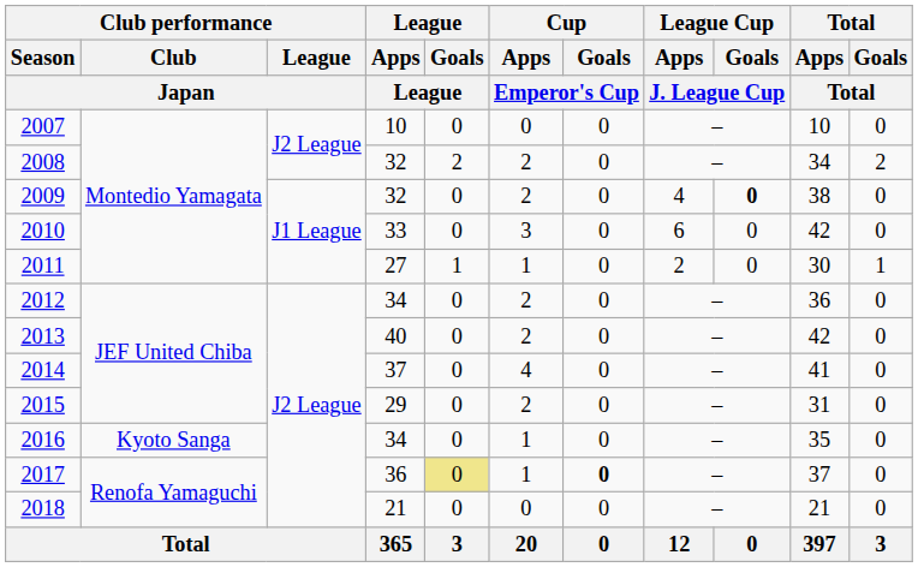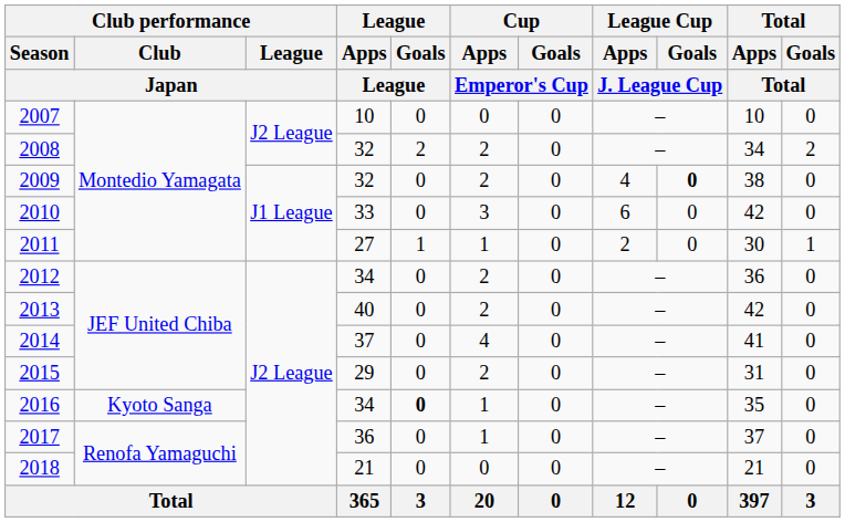 <table class="wikitable" style="text-align:center;">
 <tr>
 <th colspan=3>Club performance</th>
 <th colspan=2>League</th>
 <th colspan=2>Cup</th>
 <th colspan=2>League Cup</th>
 <th colspan=2>Total</th>
 </tr>
 <tr>
 <th>Season</th>
 <th>Club</th>
 <th>League</th>
 <th>Apps</th>
 <th>Goals</th>
 <th>Apps</th>
 <th>Goals</th>
 <th>Apps</th>
 <th>Goals</th>
 <th>Apps</th>
 <th>Goals</th>
 </tr>
 <tr>
 <th colspan=3>Japan</th>
 <th colspan=2>League</th>
 <th colspan=2><a href='#'>Emperor's Cup</a></th>
 <th colspan=2><a href='#'>J. League Cup</a></th>
 <th colspan=2>Total</th>
 </tr>
 <tr>
 <td><a href='#'>2007</a></td>
 <td rowspan="5"><a href='#'>Montedio Yamagata</a></td>
 <td rowspan="2"><a href='#'>J2 League</a></td>
 <td>10</td>
 <td>0</td>
 <td>0</td>
 <td>0</td>
 <td colspan="2">–</td>
 <td>10</td>
 <td>0</td>
 </tr>
 <tr>
 <td><a href='#'>2008</a></td>
 <td>32</td>
 <td>2</td>
 <td>2</td>
 <td>0</td>
 <td colspan="2">–</td>
 <td>34</td>
 <td>2</td>
 </tr>
 <tr>
 <td><a href='#'>2009</a></td>
 <td rowspan="3"><a href='#'>J1 League</a></td>
 <td>32</td>
 <td>0</td>
 <td>2</td>
 <td>0</td>
 <td>4</td>
 <td><strong>0</strong></td>
 <td>38</td>
 <td>0</td>
 </tr>
 <tr>
 <td><a href='#'>2010</a></td>
 <td>33</td>
 <td>0</td>
 <td>3</td>
 <td>0</td>
 <td>6</td>
 <td>0</td>
 <td>42</td>
 <td>0</td>
 </tr>
 <tr>
 <td><a href='#'>2011</a></td>
 <td>27</td>
 <td>1</td>
 <td>1</td>
 <td>0</td>
 <td>2</td>
 <td>0</td>
 <td>30</td>
 <td>1</td>
 </tr>
 <tr>
 <td><a href='#'>2012</a></td>
 <td rowspan="4"><a href='#'>JEF United Chiba</a></td>
 <td rowspan="7"><a href='#'>J2 League</a></td>
 <td>34</td>
 <td>0</td>
 <td>2</td>
 <td>0</td>
 <td colspan="2">–</td>
 <td>36</td>
 <td>0</td>
 </tr>
 <tr>
 <td><a href='#'>2013</a></td>
 <td>40</td>
 <td>0</td>
 <td>2</td>
 <td>0</td>
 <td colspan="2">–</td>
 <td>42</td>
 <td>0</td>
 </tr>
 <tr>
 <td><a href='#'>2014</a></td>
 <td>37</td>
 <td>0</td>
 <td>4</td>
 <td>0</td>
 <td colspan="2">–</td>
 <td>41</td>
 <td>0</td>
 </tr>
 <tr>
 <td><a href='#'>2015</a></td>
 <td>29</td>
 <td>0</td>
 <td>2</td>
 <td>0</td>
 <td colspan="2">–</td>
 <td>31</td>
 <td>0</td>
 </tr>
 <tr>
 <td><a href='#'>2016</a></td>
 <td><a href='#'>Kyoto Sanga</a></td>
 <td>34</td>
-<td>0</td>
+<td><strong>0</strong></td>
 <td>1</td>
 <td>0</td>
 <td colspan="2">–</td>
 <td>35</td>
 <td>0</td>
 </tr>
 <tr>
 <td><a href='#'>2017</a></td>
 <td rowspan="2"><a href='#'>Renofa Yamaguchi</a></td>
 <td>36</td>
-<td style="background: khaki;">0</td>
+<td>0</td>
 <td>1</td>
-<td><strong>0</strong></td>
+<td>0</td>
 <td colspan="2">–</td>
 <td>37</td>
 <td>0</td>
 </tr>
 <tr>
 <td><a href='#'>2018</a></td>
 <td>21</td>
 <td>0</td>
 <td>0</td>
 <td>0</td>
 <td colspan="2">–</td>
 <td>21</td>
 <td>0</td>
 </tr>
 <tr>
 <th colspan=3>Total</th>
 <th>365</th>
 <th>3</th>
 <th>20</th>
 <th>0</th>
 <th>12</th>
 <th>0</th>
 <th>397</th>
 <th>3</th>
 </tr>
 </table>
